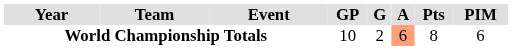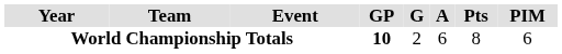 <table border="0" cellpadding="1" cellspacing="0" style="text-align:center; width:30em;">
 <tr ALIGN="center" bgcolor="#e0e0e0">
 <th>Year</th>
 <th>Team</th>
 <th>Event</th>
 <th>GP</th>
 <th>G</th>
 <th>A</th>
 <th>Pts</th>
 <th>PIM</th>
 </tr>
 <tr>
 <td colspan=3><strong>World Championship Totals</strong></td>
-<td>10</td>
+<td><strong>10</strong></td>
 <td>2</td>
-<td style="background: lightsalmon;">6</td>
+<td>6</td>
 <td>8</td>
 <td>6</td>
 </tr>
 </table>
